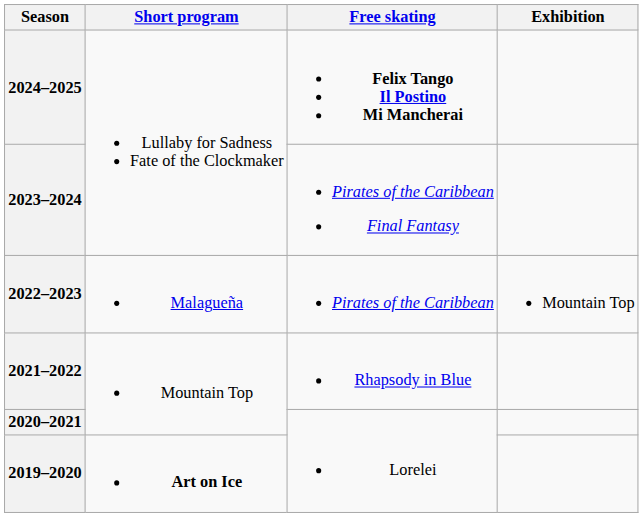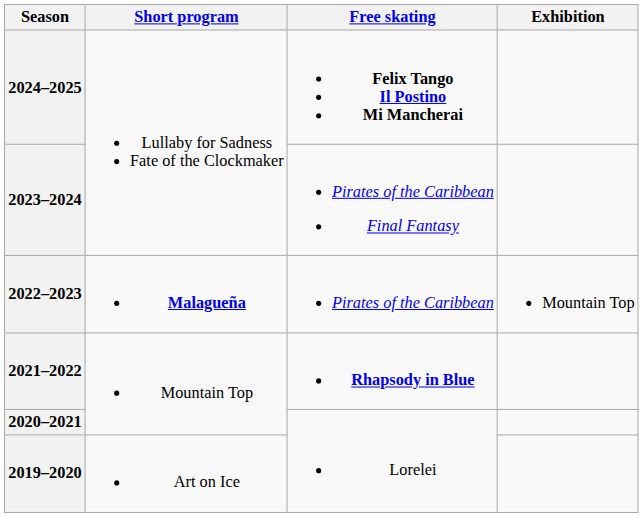 <table class=wikitable style=text-align:center>
 <tr>
 <th>Season</th>
 <th><a href='#'>Short program</a></th>
 <th><a href='#'>Free skating</a></th>
 <th>Exhibition</th>
 </tr>
 <tr>
 <th>2024–2025 <br> </th>
 <td rowspan=2><br><ul><li>Lullaby for Sadness <br></li><li>Fate of the Clockmaker <br> </li></ul></td>
 <td><strong><br><ul><li>Felix Tango <br></li><li><a href='#'>Il Postino</a> <br> </li><li>Mi Mancherai <br></li></ul></strong></td>
 <td></td>
 </tr>
 <tr>
 <th>2023–2024 <br> </th>
 <td><br><ul><li><em><a href='#'>Pirates of the Caribbean</a></em> <br> </li></ul><ul><li><em><a href='#'>Final Fantasy</a></em> <br> </li></ul></td>
 <td></td>
 </tr>
 <tr>
 <th>2022–2023 <br> </th>
-<td><br><ul><li><a href='#'>Malagueña</a> <br> </li></ul></td>
+<td><strong><br><ul><li><a href='#'>Malagueña</a> <br> </li></ul></strong></td>
 <td><br><ul><li><em><a href='#'>Pirates of the Caribbean</a></em> <br> </li></ul></td>
 <td><br><ul><li>Mountain Top <br></li></ul></td>
 </tr>
 <tr>
 <th>2021–2022 <br> </th>
 <td rowspan=2><br><ul><li>Mountain Top <br></li></ul></td>
-<td><br><ul><li><a href='#'>Rhapsody in Blue</a> <br></li></ul></td>
+<td><strong><br><ul><li><a href='#'>Rhapsody in Blue</a> <br></li></ul></strong></td>
 <td></td>
 </tr>
 <tr>
 <th>2020–2021 <br> </th>
 <td rowspan=2><br><ul><li>Lorelei <br></li></ul></td>
 <td></td>
 </tr>
 <tr>
 <th>2019–2020 <br> </th>
-<td><strong><br><ul><li>Art on Ice <br></li></ul></strong></td>
+<td><br><ul><li>Art on Ice <br></li></ul></td>
 <td></td>
 </tr>
 </table>
